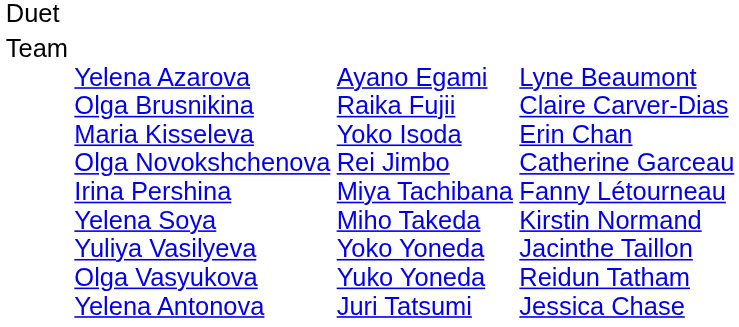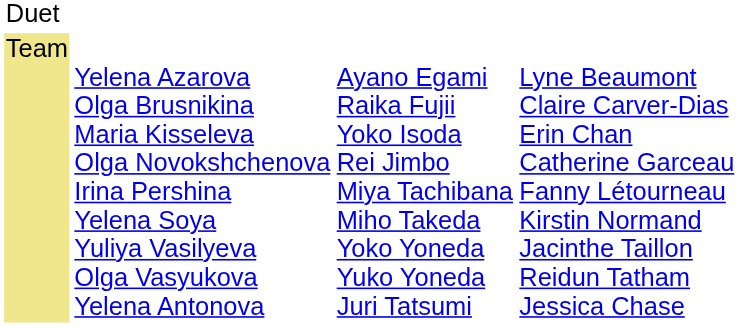 <table>
 <tr>
 <td>Duet<br></td>
 <td></td>
 <td></td>
 <td></td>
 </tr>
 <tr valign="top">
-<td>Team<br></td>
+<td style="background: khaki;">Team<br></td>
 <td><br><a href='#'>Yelena Azarova</a><br><a href='#'>Olga Brusnikina</a><br><a href='#'>Maria Kisseleva</a><br><a href='#'>Olga Novokshchenova</a><br><a href='#'>Irina Pershina</a><br><a href='#'>Yelena Soya</a><br><a href='#'>Yuliya Vasilyeva</a><br><a href='#'>Olga Vasyukova</a><br><a href='#'>Yelena Antonova</a></td>
 <td><br><a href='#'>Ayano Egami</a><br><a href='#'>Raika Fujii</a><br><a href='#'>Yoko Isoda</a><br><a href='#'>Rei Jimbo</a><br><a href='#'>Miya Tachibana</a><br><a href='#'>Miho Takeda</a><br><a href='#'>Yoko Yoneda</a><br><a href='#'>Yuko Yoneda</a><br><a href='#'>Juri Tatsumi</a></td>
 <td><br><a href='#'>Lyne Beaumont</a><br><a href='#'>Claire Carver-Dias</a><br><a href='#'>Erin Chan</a><br><a href='#'>Catherine Garceau</a><br><a href='#'>Fanny Létourneau</a><br><a href='#'>Kirstin Normand</a><br><a href='#'>Jacinthe Taillon</a><br><a href='#'>Reidun Tatham</a><br><a href='#'>Jessica Chase</a></td>
 </tr>
 </table>
